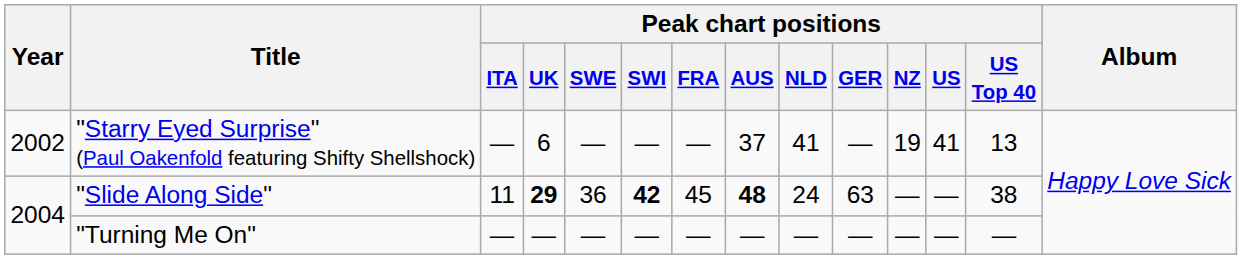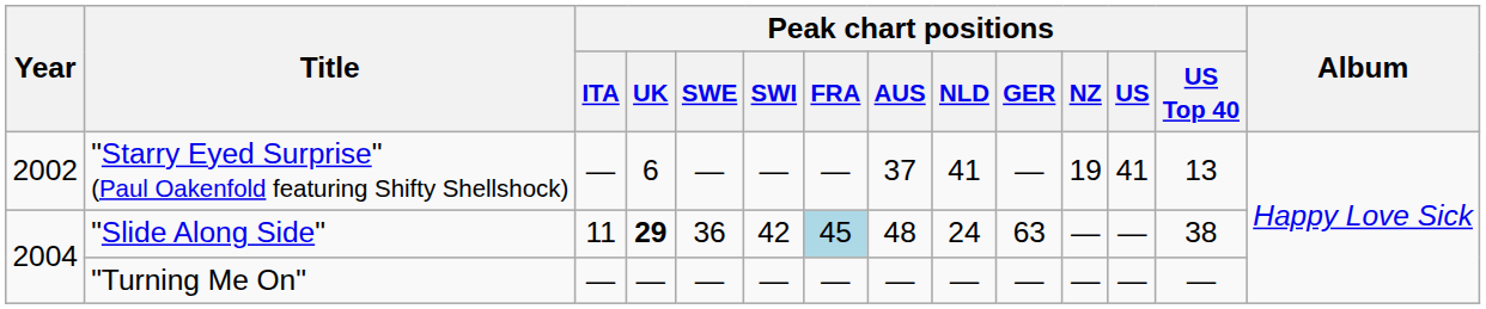 <table class="wikitable">
 <tr>
 <th rowspan="2">Year</th>
 <th rowspan="2">Title</th>
 <th colspan="11">Peak chart positions</th>
 <th rowspan="2">Album</th>
 </tr>
 <tr>
 <th><small><a href='#'>ITA</a></small><br></th>
 <th><small><a href='#'>UK</a></small><br></th>
 <th><small><a href='#'>SWE</a></small><br></th>
 <th><small><a href='#'>SWI</a></small><br></th>
 <th><small><a href='#'>FRA</a></small><br></th>
 <th><small><a href='#'>AUS</a></small><br></th>
 <th><small><a href='#'>NLD</a></small><br></th>
 <th><small><a href='#'>GER</a></small><br></th>
 <th><small><a href='#'>NZ</a></small><br></th>
 <th><small><a href='#'>US</a><br></small></th>
 <th><small><a href='#'>US<br>Top 40</a><br></small></th>
 </tr>
 <tr>
 <td>2002</td>
 <td>"<a href='#'>Starry Eyed Surprise</a>"<small><br>(<a href='#'>Paul Oakenfold</a> featuring Shifty Shellshock)</small></td>
 <td align="center">—</td>
 <td align="center">6</td>
 <td align="center">—</td>
 <td align="center">—</td>
 <td align="center">—</td>
 <td align="center">37</td>
 <td align="center">41</td>
 <td align="center">—</td>
 <td align="center">19</td>
 <td align="center">41</td>
 <td align="center">13</td>
 <td rowspan=3><em><a href='#'>Happy Love Sick</a></em></td>
 </tr>
 <tr>
 <td rowspan="2">2004</td>
 <td>"<a href='#'>Slide Along Side</a>"</td>
 <td align="center">11</td>
 <td align="center"><strong>29</strong></td>
 <td align="center">36</td>
-<td align="center"><strong>42</strong></td>
-<td align="center">45</td>
-<td align="center"><strong>48</strong></td>
+<td align="center">42</td>
+<td align="center" style="background: lightblue;">45</td>
+<td align="center">48</td>
 <td align="center">24</td>
 <td align="center">63</td>
 <td align="center">—</td>
 <td align="center">—</td>
 <td align="center">38</td>
 </tr>
 <tr>
 <td>"Turning Me On"</td>
 <td align="center">—</td>
 <td align="center">—</td>
 <td align="center">—</td>
 <td align="center">—</td>
 <td align="center">—</td>
 <td align="center">—</td>
 <td align="center">—</td>
 <td align="center">—</td>
 <td align="center">—</td>
 <td align="center">—</td>
 <td align="center">—</td>
 </tr>
 </table>
